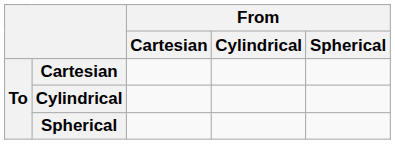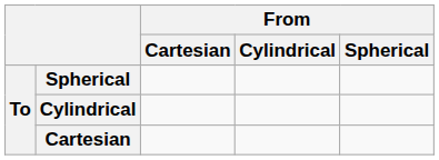 <table class="wikitable">
 <tr>
 <th colspan="2" rowspan="2"></th>
 <th colspan="3">From</th>
 </tr>
 <tr>
 <th>Cartesian</th>
 <th>Cylindrical</th>
 <th>Spherical</th>
 </tr>
 <tr>
 <th rowspan="3">To</th>
-<th>Cartesian</th>
+<th>Spherical</th>
 <td></td>
 <td></td>
 <td></td>
 </tr>
 <tr>
 <th>Cylindrical</th>
 <td></td>
 <td></td>
 <td></td>
 </tr>
 <tr>
-<th>Spherical</th>
+<th>Cartesian</th>
 <td></td>
 <td></td>
 <td></td>
 </tr>
 </table>
